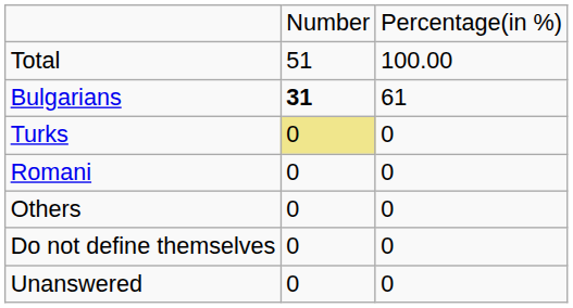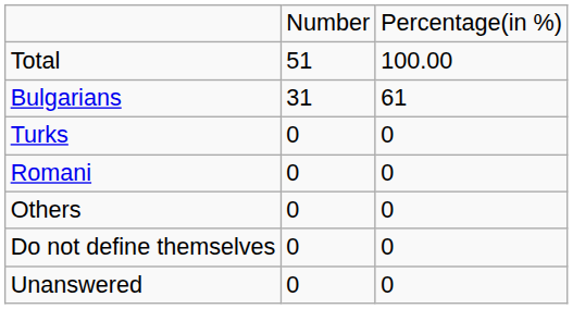 <table class="wikitable">
 <tr>
 <td></td>
 <td>Number</td>
 <td>Percentage(in %)</td>
 </tr>
 <tr>
 <td>Total</td>
 <td>51</td>
 <td>100.00</td>
 </tr>
 <tr>
 <td><a href='#'>Bulgarians</a></td>
-<td><strong>31</strong></td>
+<td>31</td>
 <td>61</td>
 </tr>
 <tr>
 <td><a href='#'>Turks</a></td>
-<td style="background: khaki;">0</td>
+<td>0</td>
 <td>0</td>
 </tr>
 <tr>
 <td><a href='#'>Romani</a></td>
 <td>0</td>
 <td>0</td>
 </tr>
 <tr>
 <td>Others</td>
 <td>0</td>
 <td>0</td>
 </tr>
 <tr>
 <td>Do not define themselves</td>
 <td>0</td>
 <td>0</td>
 </tr>
 <tr>
 <td>Unanswered</td>
 <td>0</td>
 <td>0</td>
 </tr>
 </table>
